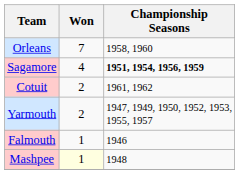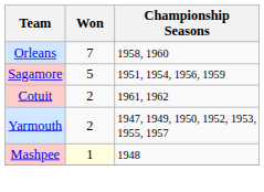 <table class="wikitable" style="display: inline-table; text-align:center">
 <tr>
 <th>Team</th>
 <th scope="col" style="width: 50px;">Won</th>
 <th>Championship<br>Seasons</th>
 </tr>
 <tr>
 <td bgcolor=#D0E7FF><a href='#'>Orleans</a></td>
 <td>7</td>
 <td style="text-align:left"><small>1958, 1960</small></td>
 </tr>
 <tr>
 <td bgcolor=#ffcccc><a href='#'>Sagamore</a></td>
-<td>4</td>
-<td style="text-align:left"><strong><small>1951, 1954, 1956, 1959</small></strong></td>
+<td>5</td>
+<td style="text-align:left"><small>1951, 1954, 1956, 1959</small></td>
 </tr>
 <tr>
 <td bgcolor=#ffcccc><a href='#'>Cotuit</a></td>
 <td>2</td>
 <td style="text-align:left"><small>1961, 1962</small></td>
 </tr>
 <tr>
 <td bgcolor=#D0E7FF><a href='#'>Yarmouth</a></td>
 <td>2</td>
 <td style="text-align:left"><small>1947, 1949, 1950, 1952, 1953,<br>1955, 1957</small></td>
 </tr>
 <tr>
-<td bgcolor=#ffcccc><a href='#'>Falmouth</a></td>
-<td>1</td>
-<td style="text-align:left"><small>1946</small></td>
-</tr>
-<tr>
 <td bgcolor=#ffcccc><a href='#'>Mashpee</a></td>
 <td style="background: lightyellow;">1</td>
 <td style="text-align:left"><small>1948</small></td>
 </tr>
 <tr>
 </tr>
 </table>
